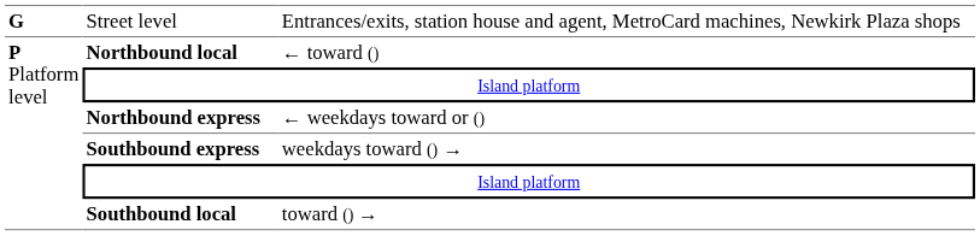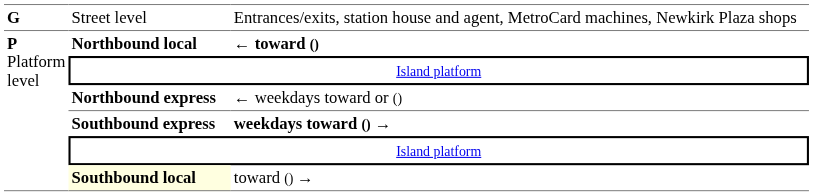 <table table border=0 cellspacing=0 cellpadding=3>
 <tr>
 <td style="border-top:solid 1px gray;border-bottom:solid 1px gray;" width=50><strong>G</strong></td>
 <td style="border-top:solid 1px gray;border-bottom:solid 1px gray;" width=150>Street level</td>
 <td style="border-top:solid 1px gray;border-bottom:solid 1px gray;" width=550>Entrances/exits, station house and agent, MetroCard machines, Newkirk Plaza shops</td>
 </tr>
 <tr>
 <td style="border-bottom:solid 1px gray;" valign=top width=50 rowspan=6><strong>P</strong><br>Platform level</td>
 <td><span><strong>Northbound local</strong></span></td>
-<td>←  toward  <small>()</small></td>
+<td><strong>←  toward  <small>()</small></strong></td>
 </tr>
 <tr>
 <td style="border-bottom:solid 2px black;border-top:solid 2px black;border-right:solid 2px black;border-left:solid 2px black;text-align:center;" colspan=2><small><a href='#'>Island platform</a></small></td>
 </tr>
 <tr>
 <td style="border-bottom:solid 1px gray;"><span><strong>Northbound express</strong></span></td>
 <td style="border-bottom:solid 1px gray;">←  weekdays toward  or  <small>()</small></td>
 </tr>
 <tr>
 <td><span><strong>Southbound express</strong></span></td>
-<td>  weekdays toward  <small>()</small> →</td>
+<td><strong>  weekdays toward  <small>()</small> →</strong></td>
 </tr>
 <tr>
 <td style="border-bottom:solid 2px black;border-top:solid 2px black;border-right:solid 2px black;border-left:solid 2px black;text-align:center;" colspan=2><small><a href='#'>Island platform</a></small></td>
 </tr>
 <tr>
-<td style="border-bottom:solid 1px gray;"><span><strong>Southbound local</strong></span></td>
+<td style="background: lightyellow; border-bottom:solid 1px gray;"><span><strong>Southbound local</strong></span></td>
 <td style="border-bottom:solid 1px gray;">  toward  <small>() </small> →</td>
 </tr>
 </table>
